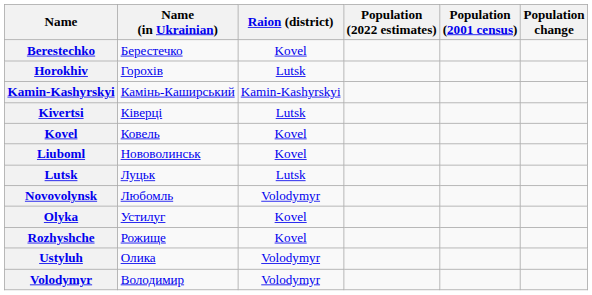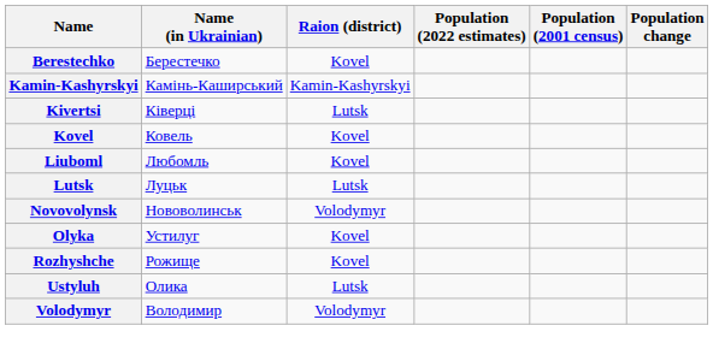 <table class="wikitable sortable" id="Table of cities" caption="Tabulated list of cities in ">
 <tr>
 <th scope="col">Name</th>
 <th scope="col">Name<br>(in <a href='#'>Ukrainian</a>)</th>
 <th scope="col"><a href='#'>Raion</a> (district)</th>
 <th scope="col">Population<br>(2022 estimates)</th>
 <th scope="col">Population<br>(<a href='#'>2001 census</a>)</th>
 <th scope="col">Population<br>change</th>
 </tr>
 <tr>
 <th scope="row" align="left"><a href='#'>Berestechko</a></th>
 <td><a href='#'>Берестечко</a></td>
 <td align=center><a href='#'>Kovel</a></td>
-<td align=right></td>
-<td align=right></td>
-<td align=right></td>
-</tr>
-<tr>
-<th scope="row" align="left"><a href='#'>Horokhiv</a></th>
-<td><a href='#'>Горохів</a></td>
-<td align=center><a href='#'>Lutsk</a></td>
 <td align=right></td>
 <td align=right></td>
 <td align=right></td>
 </tr>
 <tr>
 <th scope="row" align="left"><a href='#'>Kamin-Kashyrskyi</a></th>
 <td><a href='#'>Камінь-Каширський</a></td>
 <td align=center><a href='#'>Kamin-Kashyrskyi</a></td>
 <td align=right></td>
 <td align=right></td>
 <td align=right></td>
 </tr>
 <tr>
 <th scope="row" align="left"><a href='#'>Kivertsi</a></th>
 <td><a href='#'>Ківерці</a></td>
 <td align=center><a href='#'>Lutsk</a></td>
 <td align=right></td>
 <td align=right></td>
 <td align=right></td>
 </tr>
 <tr>
 <th scope="row" align="left"><a href='#'>Kovel</a></th>
 <td><a href='#'>Ковель</a></td>
 <td align=center><a href='#'>Kovel</a></td>
 <td align=right></td>
 <td align=right></td>
 <td align=right></td>
 </tr>
 <tr>
 <th scope="row" align="left"><a href='#'>Liuboml</a></th>
-<td><a href='#'>Нововолинськ</a></td>
+<td><a href='#'>Любомль</a></td>
 <td align=center><a href='#'>Kovel</a></td>
 <td align=right></td>
 <td align=right></td>
 <td align=right></td>
 </tr>
 <tr>
 <th scope="row" align="left"><a href='#'>Lutsk</a></th>
 <td><a href='#'>Луцьк</a></td>
 <td align=center><a href='#'>Lutsk</a></td>
 <td align=right></td>
 <td align=right></td>
 <td align=right></td>
 </tr>
 <tr>
 <th scope="row" align="left"><a href='#'>Novovolynsk</a></th>
-<td><a href='#'>Любомль</a></td>
+<td><a href='#'>Нововолинськ</a></td>
 <td align=center><a href='#'>Volodymyr</a></td>
 <td align=right></td>
 <td align=right></td>
 <td align=right></td>
 </tr>
 <tr>
 <th scope="row" align="left"><a href='#'>Olyka</a></th>
 <td><a href='#'>Устилуг</a></td>
 <td align=center><a href='#'>Kovel</a></td>
 <td align=right></td>
 <td align=right></td>
 <td align=right></td>
 </tr>
 <tr>
 <th scope="row" align="left"><a href='#'>Rozhyshche</a></th>
 <td><a href='#'>Рожище</a></td>
 <td align=center><a href='#'>Kovel</a></td>
 <td align=right></td>
 <td align=right></td>
 <td align=right></td>
 </tr>
 <tr>
 <th scope="row" align="left"><a href='#'>Ustyluh</a></th>
 <td><a href='#'>Олика</a></td>
-<td align=center><a href='#'>Volodymyr</a></td>
+<td align=center><a href='#'>Lutsk</a></td>
 <td align=right></td>
 <td align=right></td>
 <td align=right></td>
 </tr>
 <tr>
 <th scope="row" align="left"><a href='#'>Volodymyr</a></th>
 <td><a href='#'>Володимир</a></td>
 <td align=center><a href='#'>Volodymyr</a></td>
 <td align=right></td>
 <td align=right></td>
 <td align=right></td>
 </tr>
 </table>
